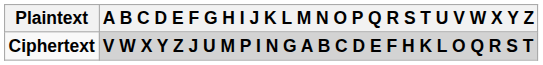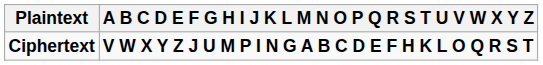 <table class="wikitable">
 <tr>
 <th>Plaintext</th>
 <th><strong>A B C D E F G H I J K L M N O P Q R S T U V W X Y Z</strong></th>
 </tr>
 <tr>
 <td><strong>Ciphertext</strong></td>
-<td style="background: lightgrey;"><strong>V W X Y Z J U M P I N G A B C D E F H K L O Q R S T</strong></td>
+<td><strong>V W X Y Z J U M P I N G A B C D E F H K L O Q R S T</strong></td>
 </tr>
 </table>
